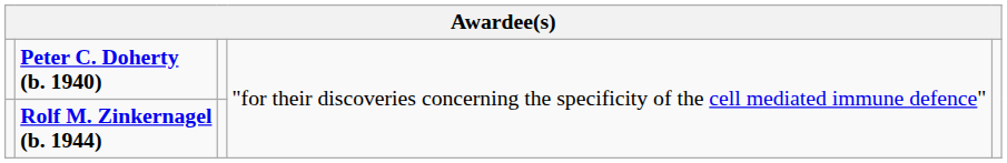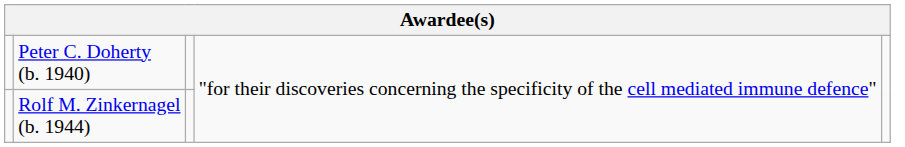 <table class="wikitable">
 <tr>
 <th colspan="5">Awardee(s)</th>
 </tr>
 <tr>
 <td></td>
-<td><strong><a href='#'>Peter C. Doherty</a><br>(b. 1940)</strong></td>
+<td><a href='#'>Peter C. Doherty</a><br>(b. 1940)</td>
 <td></td>
 <td rowspan="2">"for their discoveries concerning the specificity of the <a href='#'>cell mediated immune defence</a>"</td>
 <td rowspan="2"></td>
 </tr>
 <tr>
 <td></td>
-<td><strong><a href='#'>Rolf M. Zinkernagel</a><br>(b. 1944)</strong></td>
+<td><a href='#'>Rolf M. Zinkernagel</a><br>(b. 1944)</td>
 <td></td>
 </tr>
 </table>
